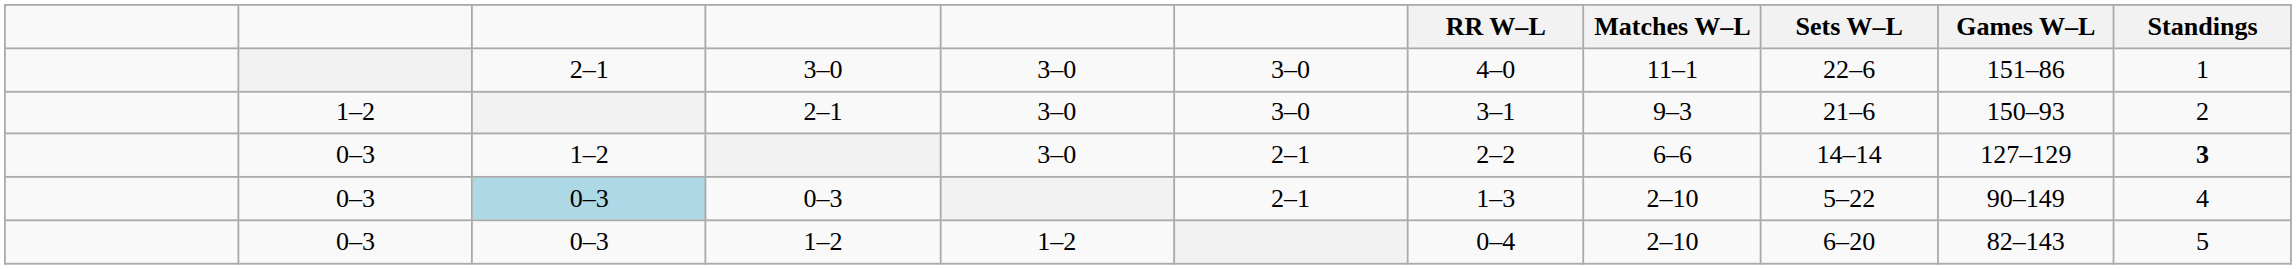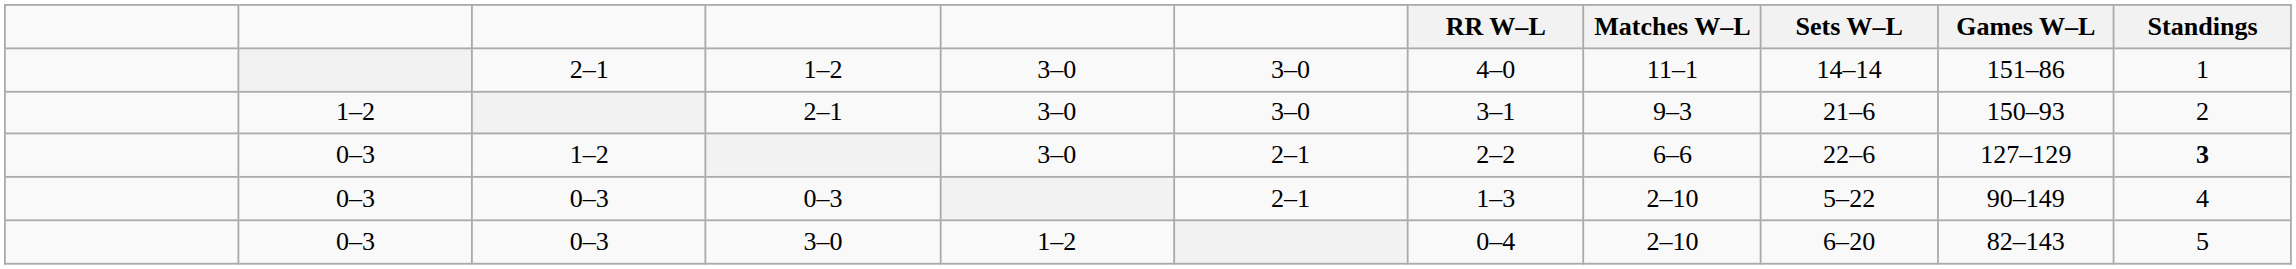 <table class="wikitable" style="width: 100%; text-align:center; font-size:90%">
 <tr>
 <td width=108></td>
 <td width=108></td>
 <td width=108></td>
 <td width=108></td>
 <td width=108></td>
 <td width=108></td>
 <th width=80>RR W–L</th>
 <th width=80>Matches W–L</th>
 <th width=80>Sets W–L</th>
 <th width=80>Games W–L</th>
 <th width=80>Standings</th>
 </tr>
 <tr>
 <td style="text-align:left;"></td>
 <th bgcolor="ededed"></th>
 <td>2–1</td>
-<td>3–0</td>
+<td>1–2</td>
 <td>3–0</td>
 <td>3–0</td>
 <td>4–0</td>
 <td>11–1</td>
-<td>22–6</td>
+<td>14–14</td>
 <td>151–86</td>
 <td>1</td>
 </tr>
 <tr>
 <td style="text-align:left;"></td>
 <td>1–2</td>
 <th bgcolor="ededed"></th>
 <td>2–1</td>
 <td>3–0</td>
 <td>3–0</td>
 <td>3–1</td>
 <td>9–3</td>
 <td>21–6</td>
 <td>150–93</td>
 <td>2</td>
 </tr>
 <tr>
 <td style="text-align:left;"></td>
 <td>0–3</td>
 <td>1–2</td>
 <th bgcolor="ededed"></th>
 <td>3–0</td>
 <td>2–1</td>
 <td>2–2</td>
 <td>6–6</td>
-<td>14–14</td>
+<td>22–6</td>
 <td>127–129</td>
 <td><strong>3</strong></td>
 </tr>
 <tr>
 <td style="text-align:left;"></td>
 <td>0–3</td>
-<td style="background: lightblue;">0–3</td>
+<td>0–3</td>
 <td>0–3</td>
 <th bgcolor="ededed"></th>
 <td>2–1</td>
 <td>1–3</td>
 <td>2–10</td>
 <td>5–22</td>
 <td>90–149</td>
 <td>4</td>
 </tr>
 <tr>
 <td style="text-align:left;"></td>
 <td>0–3</td>
 <td>0–3</td>
-<td>1–2</td>
+<td>3–0</td>
 <td>1–2</td>
 <th bgcolor="ededed"></th>
 <td>0–4</td>
 <td>2–10</td>
 <td>6–20</td>
 <td>82–143</td>
 <td>5</td>
 </tr>
 </table>
